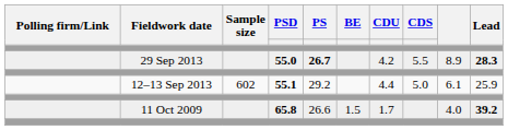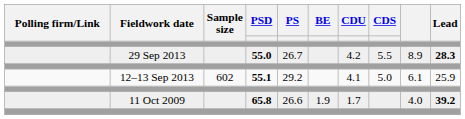 <table class="wikitable collapsible sortable" style="text-align:center; font-size:95%; line-height:16px;">
 <tr style="height:42px;">
 <th style="width:145px;" rowspan="2">Polling firm/Link</th>
 <th style="width:125px;" rowspan="2">Fieldwork date</th>
 <th class="unsortable" style="width:50px;" rowspan="2">Sample size</th>
 <th class="unsortable" style="width:35px;"><a href='#'>PSD</a></th>
 <th class="unsortable" style="width:35px;"><a href='#'>PS</a></th>
 <th class="unsortable" style="width:35px;"><a href='#'>BE</a></th>
 <th class="unsortable" style="width:35px;"><a href='#'>CDU</a></th>
 <th class="unsortable" style="width:35px;"><a href='#'>CDS</a></th>
 <th class="unsortable" style="width:35px;" rowspan="2"></th>
 <th class="unsortable" style="width:30px;" rowspan="2">Lead</th>
 </tr>
 <tr>
 <th class="unsortable" style="color:inherit;background:"></th>
 <th class="unsortable" style="color:inherit;background:"></th>
 <th class="unsortable" style="color:inherit;background:"></th>
 <th class="unsortable" style="color:inherit;background:"></th>
 <th class="unsortable" style="color:inherit;background:"></th>
 </tr>
 <tr>
 <td colspan="13" style="background:#A0A0A0"></td>
 </tr>
 <tr style="background:#EFEFEF;">
 <td><strong></strong></td>
 <td data-sort-value="2019-10-06">29 Sep 2013</td>
 <td></td>
 <td><strong>55.0</strong><br></td>
-<td><strong>26.7<br></strong></td>
+<td>26.7<br></td>
 <td></td>
 <td>4.2<br></td>
 <td>5.5<br></td>
 <td>8.9</td>
 <td style="background:"><strong>28.3</strong></td>
 </tr>
 <tr>
 <td colspan="13" style="background:#A0A0A0"></td>
 </tr>
 <tr>
 <td align="center"></td>
 <td align="center">12–13 Sep 2013</td>
 <td>602</td>
 <td align="center" ><strong>55.1</strong></td>
 <td align="center">29.2</td>
 <td></td>
-<td align="center">4.4</td>
+<td align="center">4.1</td>
 <td align="center">5.0</td>
 <td align="center">6.1</td>
 <td style="background:">25.9</td>
 </tr>
 <tr>
 <td colspan="13" style="background:#A0A0A0"></td>
 </tr>
 <tr style="background:#EFEFEF;">
 <td><strong></strong></td>
 <td data-sort-value="2019-10-06">11 Oct 2009</td>
 <td></td>
 <td><strong>65.8</strong><br></td>
 <td>26.6<br></td>
-<td>1.5<br></td>
+<td>1.9<br></td>
 <td>1.7<br></td>
 <td></td>
 <td>4.0</td>
 <td style="background:"><strong>39.2</strong></td>
 </tr>
 <tr>
 <td colspan="13" style="background:#A0A0A0"></td>
 </tr>
 <tr>
 </tr>
 </table>
